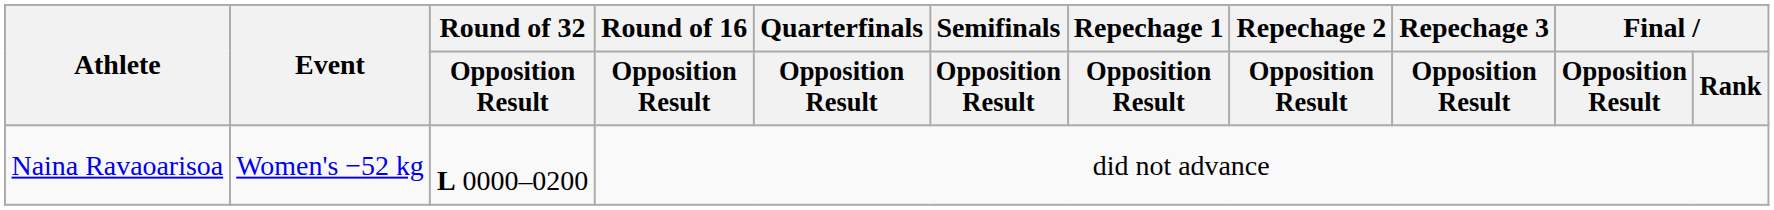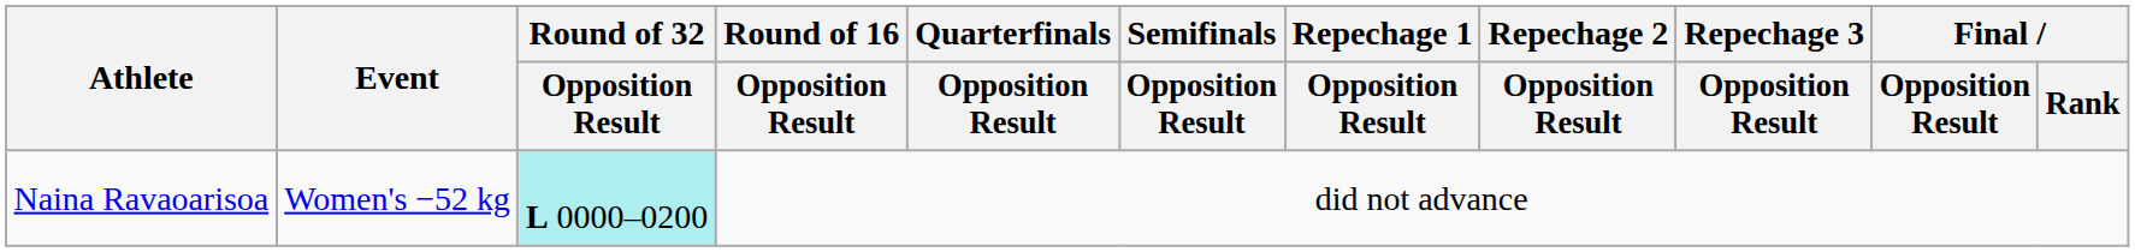 <table class="wikitable" style="font-size:90%">
 <tr>
 <th rowspan="2">Athlete</th>
 <th rowspan="2">Event</th>
 <th>Round of 32</th>
 <th>Round of 16</th>
 <th>Quarterfinals</th>
 <th>Semifinals</th>
 <th>Repechage 1</th>
 <th>Repechage 2</th>
 <th>Repechage 3</th>
 <th colspan=2>Final / </th>
 </tr>
 <tr style="font-size:95%">
 <th>Opposition<br>Result</th>
 <th>Opposition<br>Result</th>
 <th>Opposition<br>Result</th>
 <th>Opposition<br>Result</th>
 <th>Opposition<br>Result</th>
 <th>Opposition<br>Result</th>
 <th>Opposition<br>Result</th>
 <th>Opposition<br>Result</th>
 <th>Rank</th>
 </tr>
 <tr align=center>
 <td align=left><a href='#'>Naina Ravaoarisoa</a></td>
 <td align=left><a href='#'>Women's −52 kg</a></td>
-<td><br><strong>L</strong> 0000–0200</td>
+<td style="background: paleturquoise;"><br><strong>L</strong> 0000–0200</td>
 <td colspan=8>did not advance</td>
 </tr>
 </table>
